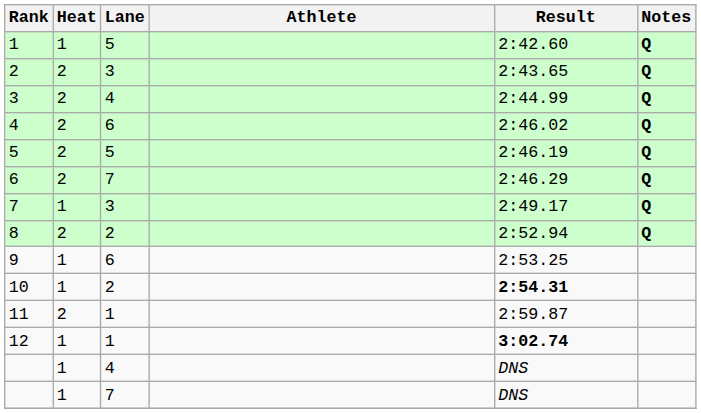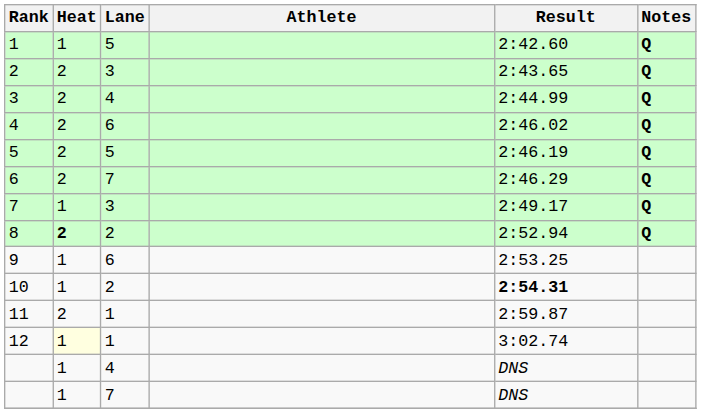 <table class="wikitable" style="font-size:95%" style="width:35em;" style="text-align:center">
 <tr>
 <th>Rank</th>
 <th>Heat</th>
 <th>Lane</th>
 <th width=250>Athlete</th>
 <th width=100>Result</th>
 <th>Notes</th>
 </tr>
 <tr bgcolor=ccffcc>
 <td>1</td>
 <td>1</td>
 <td>5</td>
 <td align=left></td>
 <td>2:42.60</td>
 <td><strong>Q</strong></td>
 </tr>
 <tr bgcolor=ccffcc>
 <td>2</td>
 <td>2</td>
 <td>3</td>
 <td align=left></td>
 <td>2:43.65</td>
 <td><strong>Q</strong></td>
 </tr>
 <tr bgcolor=ccffcc>
 <td>3</td>
 <td>2</td>
 <td>4</td>
 <td align=left></td>
 <td>2:44.99</td>
 <td><strong>Q</strong></td>
 </tr>
 <tr bgcolor=ccffcc>
 <td>4</td>
 <td>2</td>
 <td>6</td>
 <td align=left></td>
 <td>2:46.02</td>
 <td><strong>Q</strong></td>
 </tr>
 <tr bgcolor=ccffcc>
 <td>5</td>
 <td>2</td>
 <td>5</td>
 <td align=left></td>
 <td>2:46.19</td>
 <td><strong>Q</strong></td>
 </tr>
 <tr bgcolor=ccffcc>
 <td>6</td>
 <td>2</td>
 <td>7</td>
 <td align=left></td>
 <td>2:46.29</td>
 <td><strong>Q</strong></td>
 </tr>
 <tr bgcolor=ccffcc>
 <td>7</td>
 <td>1</td>
 <td>3</td>
 <td align=left></td>
 <td>2:49.17</td>
 <td><strong>Q</strong></td>
 </tr>
 <tr bgcolor=ccffcc>
 <td>8</td>
-<td>2</td>
+<td><strong>2</strong></td>
 <td>2</td>
 <td align=left></td>
 <td>2:52.94</td>
 <td><strong>Q</strong></td>
 </tr>
 <tr>
 <td>9</td>
 <td>1</td>
 <td>6</td>
 <td align=left></td>
 <td>2:53.25</td>
 <td></td>
 </tr>
 <tr>
 <td>10</td>
 <td>1</td>
 <td>2</td>
 <td align=left></td>
 <td><strong>2:54.31</strong></td>
 <td></td>
 </tr>
 <tr>
 <td>11</td>
 <td>2</td>
 <td>1</td>
 <td align=left></td>
 <td>2:59.87</td>
 <td></td>
 </tr>
 <tr>
 <td>12</td>
-<td>1</td>
+<td style="background: lightyellow;">1</td>
 <td>1</td>
 <td align=left></td>
-<td><strong>3:02.74</strong></td>
+<td>3:02.74</td>
 <td></td>
 </tr>
 <tr>
 <td></td>
 <td>1</td>
 <td>4</td>
 <td align=left></td>
 <td><em>DNS</em></td>
 <td></td>
 </tr>
 <tr>
 <td></td>
 <td>1</td>
 <td>7</td>
 <td align=left></td>
 <td><em>DNS</em></td>
 <td></td>
 </tr>
 <tr>
 </tr>
 </table>
